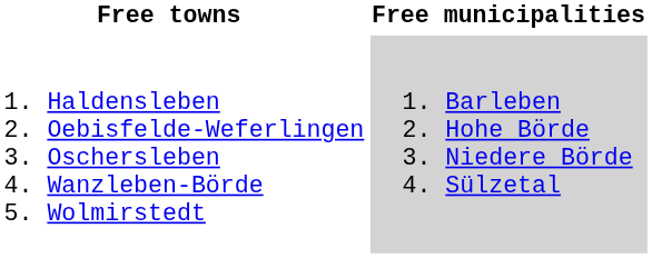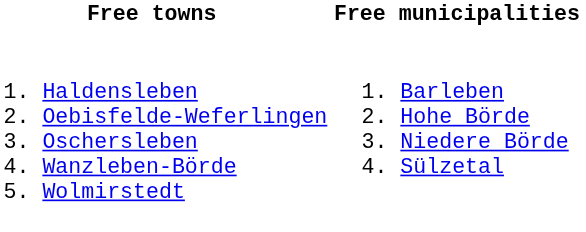 <table>
 <tr ---->
 <th>Free towns</th>
 <th>Free municipalities</th>
 </tr>
 <tr>
 <td valign=top><br><ol><li><a href='#'>Haldensleben</a></li><li><a href='#'>Oebisfelde-Weferlingen</a></li><li><a href='#'>Oschersleben</a></li><li><a href='#'>Wanzleben-Börde</a></li><li><a href='#'>Wolmirstedt</a></li></ol></td>
-<td valign=top style="background: lightgrey;"><br><ol><li><a href='#'>Barleben</a></li><li><a href='#'>Hohe Börde</a></li><li><a href='#'>Niedere Börde</a></li><li><a href='#'>Sülzetal</a></li></ol></td>
+<td valign=top><br><ol><li><a href='#'>Barleben</a></li><li><a href='#'>Hohe Börde</a></li><li><a href='#'>Niedere Börde</a></li><li><a href='#'>Sülzetal</a></li></ol></td>
 </tr>
 </table>
